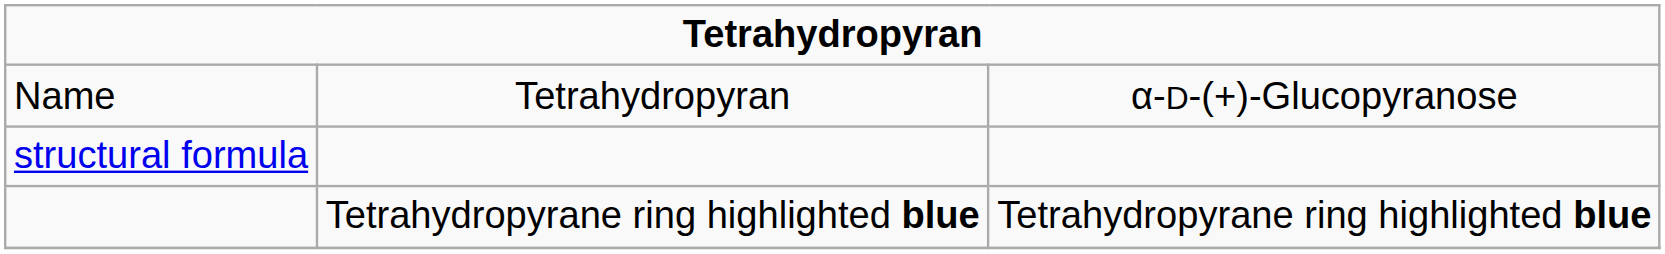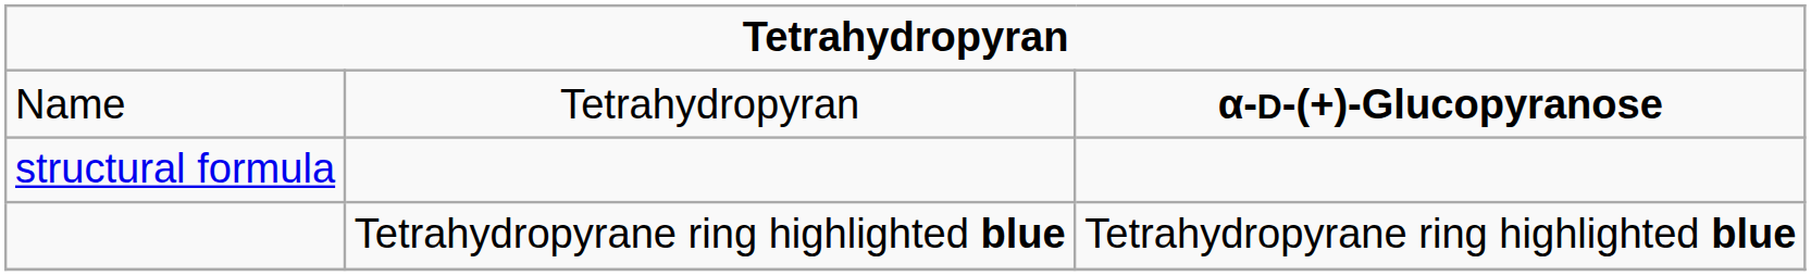 <table class="wikitable float-right" style="text-align:center; font-size:90;">
 <tr>
 <td class="hintergrundfarbe6" colspan="4"><strong>Tetrahydropyran</strong></td>
 </tr>
 <tr>
 <td class="hintergrundfarbe5" align="left">Name</td>
 <td>Tetrahydropyran</td>
-<td>α-<small>D</small>-(+)-Glucopyranose</td>
+<td><strong>α-<small>D</small>-(+)-Glucopyranose</strong></td>
 </tr>
 <tr>
 <td class="hintergrundfarbe5" align="left"><a href='#'>structural formula</a></td>
 <td></td>
 <td></td>
 </tr>
 <tr>
 <td class="hintergrundfarbe5" align="left"></td>
 <td>Tetrahydropyrane ring highlighted <span><strong>blue</strong></span></td>
 <td>Tetrahydropyrane ring highlighted <span><strong>blue</strong></span></td>
 </tr>
 <tr>
 </tr>
 </table>
